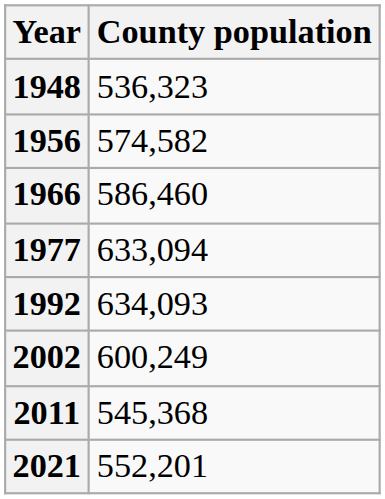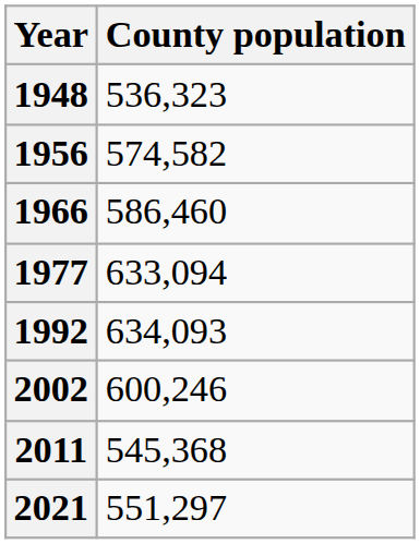 <table class="wikitable" style="float:right">
 <tr>
 <th>Year</th>
 <th>County population</th>
 </tr>
 <tr>
 <th>1948</th>
 <td>536,323 </td>
 </tr>
 <tr>
 <th>1956</th>
 <td>574,582 </td>
 </tr>
 <tr>
 <th>1966</th>
 <td>586,460 </td>
 </tr>
 <tr>
 <th>1977</th>
 <td>633,094 </td>
 </tr>
 <tr>
 <th>1992</th>
 <td>634,093 </td>
 </tr>
 <tr>
 <th>2002</th>
-<td>600,249 </td>
+<td>600,246 </td>
 </tr>
 <tr>
 <th>2011</th>
 <td>545,368 </td>
 </tr>
 <tr>
 <th>2021</th>
-<td>552,201 </td>
+<td>551,297 </td>
 </tr>
 </table>
